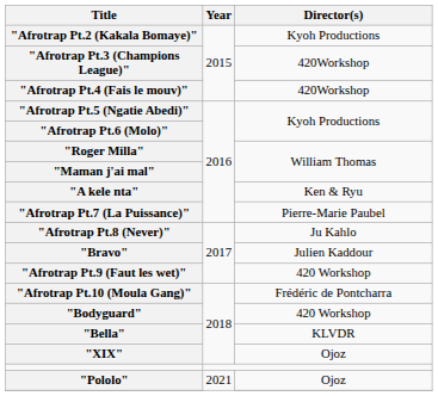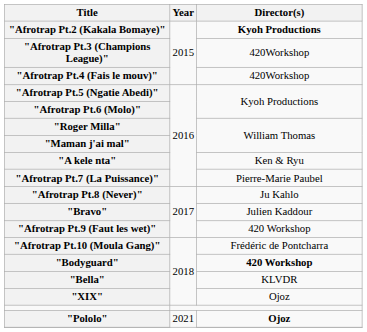 <table class="wikitable plainrowheaders" style="text-align:center;">
 <tr>
 <th scope="col" style="width:15em;">Title</th>
 <th scope="col" style="width:1em;">Year</th>
 <th scope="col" style="width:15em;">Director(s)</th>
 </tr>
 <tr>
 <th scope="row">"Afrotrap Pt.2 (Kakala Bomaye)"</th>
 <td rowspan="3">2015</td>
-<td>Kyoh Productions</td>
+<td><strong>Kyoh Productions</strong></td>
 </tr>
 <tr>
 <th scope="row">"Afrotrap Pt.3 (Champions League)"</th>
 <td>420Workshop</td>
 </tr>
 <tr>
 <th scope="row">"Afrotrap Pt.4 (Fais le mouv)"</th>
 <td>420Workshop</td>
 </tr>
 <tr>
 <th scope="row">"Afrotrap Pt.5 (Ngatie Abedi)"</th>
 <td rowspan="6">2016</td>
 <td rowspan="2">Kyoh Productions</td>
 </tr>
 <tr>
 <th scope="row">"Afrotrap Pt.6 (Molo)"</th>
 </tr>
 <tr>
 <th scope="row">"Roger Milla"</th>
 <td rowspan="2">William Thomas</td>
 </tr>
 <tr>
 <th scope="row">"Maman j'ai mal"</th>
 </tr>
 <tr>
 <th scope="row">"A kele nta"</th>
 <td>Ken & Ryu</td>
 </tr>
 <tr>
 <th scope="row">"Afrotrap Pt.7 (La Puissance)"</th>
 <td>Pierre-Marie Paubel</td>
 </tr>
 <tr>
 <th scope="row">"Afrotrap Pt.8 (Never)"</th>
 <td rowspan="3">2017</td>
 <td>Ju Kahlo</td>
 </tr>
 <tr>
 <th scope="row">"Bravo"</th>
 <td>Julien Kaddour</td>
 </tr>
 <tr>
 <th scope="row">"Afrotrap Pt.9 (Faut les wet)"</th>
 <td>420 Workshop</td>
 </tr>
 <tr>
 <th scope="row">"Afrotrap Pt.10 (Moula Gang)"</th>
 <td rowspan="4">2018</td>
 <td>Frédéric de Pontcharra</td>
 </tr>
 <tr>
 <th scope="row">"Bodyguard"</th>
-<td>420 Workshop</td>
+<td><strong>420 Workshop</strong></td>
 </tr>
 <tr>
 <th scope="row">"Bella"<br></th>
 <td>KLVDR</td>
 </tr>
 <tr>
 <th scope="row">"XIX"</th>
 <td>Ojoz</td>
 </tr>
 <tr>
 <td></td>
 </tr>
 <tr>
 <th scope="row">"Pololo"<br></th>
 <td rowspan="6">2021</td>
-<td>Ojoz</td>
+<td><strong>Ojoz</strong></td>
 </tr>
 <tr>
 </tr>
 </table>
